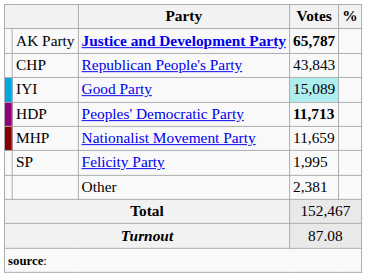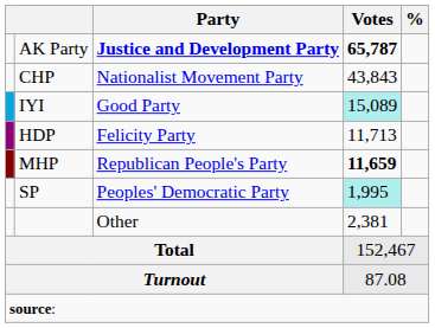 <table class="wikitable">
 <tr>
 <th colspan="2" align="center"></th>
 <th align="center">Party</th>
 <th align="center">Votes</th>
 <th align="center">%</th>
 </tr>
 <tr align="left">
 <td></td>
 <td>AK Party</td>
 <td><strong><a href='#'>Justice and Development Party</a></strong></td>
 <td><strong>65,787</strong></td>
 <td><strong></strong></td>
 </tr>
 <tr align="left">
 <td></td>
 <td>CHP</td>
-<td><a href='#'>Republican People's Party</a></td>
+<td><a href='#'>Nationalist Movement Party</a></td>
 <td>43,843</td>
 <td></td>
 </tr>
 <tr align="left">
 <td bgcolor="#01A7E1" width="1"></td>
 <td>IYI</td>
 <td><a href='#'>Good Party</a></td>
 <td style="background: paleturquoise;">15,089</td>
 <td></td>
 </tr>
 <tr align="left">
 <td bgcolor="#91007B" width="1"></td>
 <td>HDP</td>
-<td><a href='#'>Peoples' Democratic Party</a></td>
-<td><strong>11,713</strong></td>
+<td><a href='#'>Felicity Party</a></td>
+<td>11,713</td>
 <td></td>
 </tr>
 <tr align="left">
 <td bgcolor="#870000" width="1"></td>
 <td>MHP</td>
-<td><a href='#'>Nationalist Movement Party</a></td>
-<td>11,659</td>
+<td><a href='#'>Republican People's Party</a></td>
+<td><strong>11,659</strong></td>
 <td></td>
 </tr>
 <tr align="left">
 <td></td>
 <td>SP</td>
-<td><a href='#'>Felicity Party</a></td>
-<td>1,995</td>
+<td><a href='#'>Peoples' Democratic Party</a></td>
+<td style="background: paleturquoise;">1,995</td>
 <td></td>
 </tr>
 <tr align="left">
 <td bgcolor="" width="1"></td>
 <td></td>
 <td>Other</td>
 <td>2,381</td>
 <td></td>
 </tr>
 <tr align="left" style="background-color:#E9E9E9">
 <th colspan="3" align="center"><strong>Total</strong></th>
 <td colspan="5" align="center">152,467</td>
 </tr>
 <tr align="left" style="background-color:#E9E9E9">
 <th colspan="3" align="center"><em>Turnout</em></th>
 <td colspan="5" align="center">87.08</td>
 </tr>
 <tr>
 <td colspan="9" align="left"><small><strong>source</strong>: </small></td>
 </tr>
 </table>
